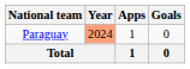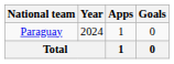 <table class="wikitable" style="text-align:center">
 <tr>
 <th>National team</th>
 <th>Year</th>
 <th>Apps</th>
 <th>Goals</th>
 </tr>
 <tr>
 <td><a href='#'>Paraguay</a></td>
-<td style="background: lightsalmon;">2024</td>
+<td>2024</td>
 <td>1</td>
 <td>0</td>
 </tr>
 <tr>
 <th colspan="2">Total</th>
 <th>1</th>
 <th>0</th>
 </tr>
 </table>
